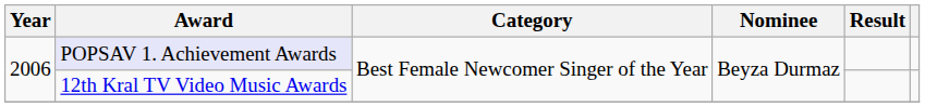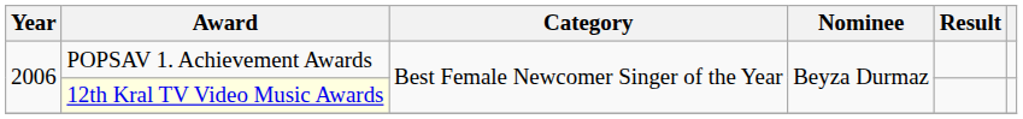 <table class="wikitable sortable">
 <tr>
 <th>Year</th>
 <th>Award</th>
 <th>Category</th>
 <th>Nominee</th>
 <th>Result</th>
 <th class="unsortable"></th>
 </tr>
 <tr>
 <td rowspan="2" style="text-align:center;">2006</td>
-<td style="background: lavender;">POPSAV 1. Achievement Awards</td>
+<td>POPSAV 1. Achievement Awards</td>
 <td rowspan="2">Best Female Newcomer Singer of the Year</td>
 <td rowspan="2">Beyza Durmaz</td>
 <td></td>
 <td style="text-align:center;"></td>
 </tr>
 <tr>
-<td><a href='#'>12th Kral TV Video Music Awards</a></td>
+<td style="background: lightyellow;"><a href='#'>12th Kral TV Video Music Awards</a></td>
 <td></td>
 <td style="text-align:center;"></td>
 </tr>
 <tr>
 </tr>
 </table>
